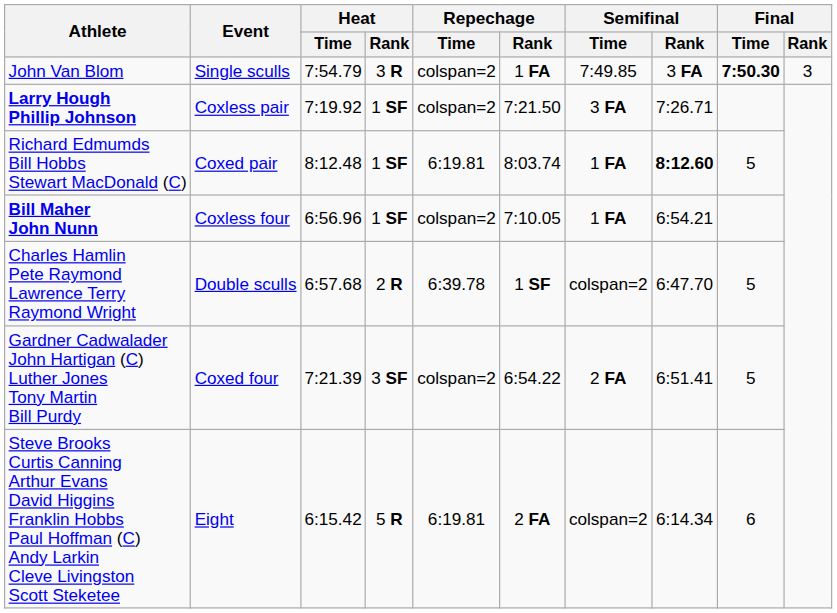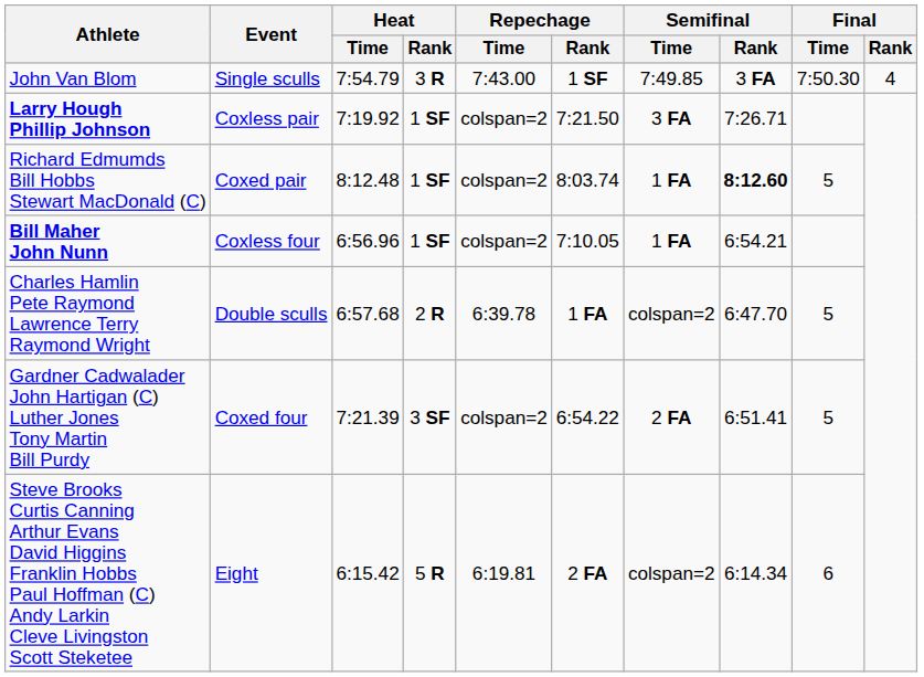 <table class=wikitable style=font-size:90%;text-align:center>
 <tr>
 <th rowspan=2>Athlete</th>
 <th rowspan=2>Event</th>
 <th colspan=2>Heat</th>
 <th colspan=2>Repechage</th>
 <th colspan=2>Semifinal</th>
 <th colspan=2>Final</th>
 </tr>
 <tr style=font-size:95%>
 <th>Time</th>
 <th>Rank</th>
 <th>Time</th>
 <th>Rank</th>
 <th>Time</th>
 <th>Rank</th>
 <th>Time</th>
 <th>Rank</th>
 </tr>
 <tr>
 <td align=left><a href='#'>John Van Blom</a></td>
 <td align=left><a href='#'>Single sculls</a></td>
 <td>7:54.79</td>
 <td>3 <strong>R</strong></td>
-<td>colspan=2 </td>
-<td>1 <strong>FA</strong></td>
+<td>7:43.00</td>
+<td>1 <strong>SF</strong></td>
 <td>7:49.85</td>
 <td>3 <strong>FA</strong></td>
-<td><strong>7:50.30</strong></td>
-<td>3</td>
+<td>7:50.30</td>
+<td>4</td>
 </tr>
 <tr>
 <td align=left><strong><a href='#'>Larry Hough</a><br><a href='#'>Phillip Johnson</a></strong></td>
 <td align=left><a href='#'>Coxless pair</a></td>
 <td>7:19.92</td>
 <td>1 <strong>SF</strong></td>
 <td>colspan=2 </td>
 <td>7:21.50</td>
 <td>3 <strong>FA</strong></td>
 <td>7:26.71</td>
 <td></td>
 </tr>
 <tr>
 <td align=left><a href='#'>Richard Edmumds</a><br><a href='#'>Bill Hobbs</a><br><a href='#'>Stewart MacDonald</a> (<a href='#'>C</a>)</td>
 <td align=left><a href='#'>Coxed pair</a></td>
 <td>8:12.48</td>
 <td>1 <strong>SF</strong></td>
-<td>6:19.81</td>
+<td>colspan=2 </td>
 <td>8:03.74</td>
 <td>1 <strong>FA</strong></td>
 <td><strong>8:12.60</strong></td>
 <td>5</td>
 </tr>
 <tr>
 <td align=left><strong><a href='#'>Bill Maher</a><br><a href='#'>John Nunn</a></strong></td>
 <td align=left><a href='#'>Coxless four</a></td>
 <td>6:56.96</td>
 <td>1 <strong>SF</strong></td>
 <td>colspan=2 </td>
 <td>7:10.05</td>
 <td>1 <strong>FA</strong></td>
 <td>6:54.21</td>
 <td></td>
 </tr>
 <tr>
 <td align=left><a href='#'>Charles Hamlin</a><br><a href='#'>Pete Raymond</a><br><a href='#'>Lawrence Terry</a><br><a href='#'>Raymond Wright</a></td>
 <td align=left><a href='#'>Double sculls</a></td>
 <td>6:57.68</td>
 <td>2 <strong>R</strong></td>
 <td>6:39.78</td>
-<td>1 <strong>SF</strong></td>
+<td>1 <strong>FA</strong></td>
 <td>colspan=2 </td>
 <td>6:47.70</td>
 <td>5</td>
 </tr>
 <tr>
 <td align=left><a href='#'>Gardner Cadwalader</a><br><a href='#'>John Hartigan</a> (<a href='#'>C</a>)<br><a href='#'>Luther Jones</a><br><a href='#'>Tony Martin</a><br><a href='#'>Bill Purdy</a></td>
 <td align=left><a href='#'>Coxed four</a></td>
 <td>7:21.39</td>
 <td>3 <strong>SF</strong></td>
 <td>colspan=2 </td>
 <td>6:54.22</td>
 <td>2 <strong>FA</strong></td>
 <td>6:51.41</td>
 <td>5</td>
 </tr>
 <tr>
 <td align=left><a href='#'>Steve Brooks</a><br><a href='#'>Curtis Canning</a><br><a href='#'>Arthur Evans</a><br><a href='#'>David Higgins</a><br><a href='#'>Franklin Hobbs</a><br><a href='#'>Paul Hoffman</a> (<a href='#'>C</a>)<br><a href='#'>Andy Larkin</a><br><a href='#'>Cleve Livingston</a><br><a href='#'>Scott Steketee</a></td>
 <td align=left><a href='#'>Eight</a></td>
 <td>6:15.42</td>
 <td>5 <strong>R</strong></td>
 <td>6:19.81</td>
 <td>2 <strong>FA</strong></td>
 <td>colspan=2 </td>
 <td>6:14.34</td>
 <td>6</td>
 </tr>
 </table>
